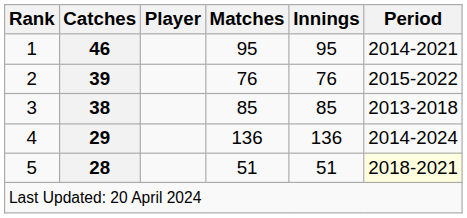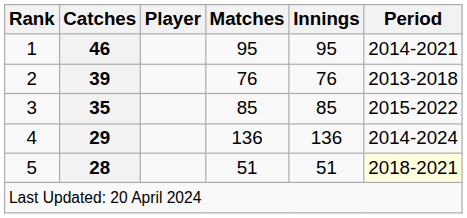 <table class="wikitable">
 <tr>
 <th style="text-align:center;">Rank</th>
 <th style="text-align:center;">Catches</th>
 <th style="text-align:center;">Player</th>
 <th style="text-align:center;">Matches</th>
 <th style="text-align:center;">Innings</th>
 <th style="text-align:center;">Period</th>
 </tr>
 <tr>
 <td align=center>1</td>
 <th scope=row style=text-align:center;>46</th>
 <td></td>
 <td align=center>95</td>
 <td align=center>95</td>
 <td>2014-2021</td>
 </tr>
 <tr>
 <td align=center>2</td>
 <th scope=row style=text-align:center;>39</th>
 <td></td>
 <td align=center>76</td>
 <td align=center>76</td>
-<td>2015-2022</td>
+<td>2013-2018</td>
 </tr>
 <tr>
 <td align=center>3</td>
-<th scope=row style=text-align:center;>38</th>
+<th scope=row style=text-align:center;>35</th>
 <td></td>
 <td align=center>85</td>
 <td align=center>85</td>
-<td>2013-2018</td>
+<td>2015-2022</td>
 </tr>
 <tr>
 <td align=center>4</td>
 <th scope=row style=text-align:center;>29</th>
 <td></td>
 <td align=center>136</td>
 <td align=center>136</td>
 <td>2014-2024</td>
 </tr>
 <tr>
 <td align=center>5</td>
 <th scope=row style=text-align:center;>28</th>
 <td></td>
 <td align=center>51</td>
 <td align=center>51</td>
 <td style="background: lightyellow;">2018-2021</td>
 </tr>
 <tr class=sortbottom>
 <td colspan=6><small>Last Updated: 20 April 2024</small></td>
 </tr>
 </table>
